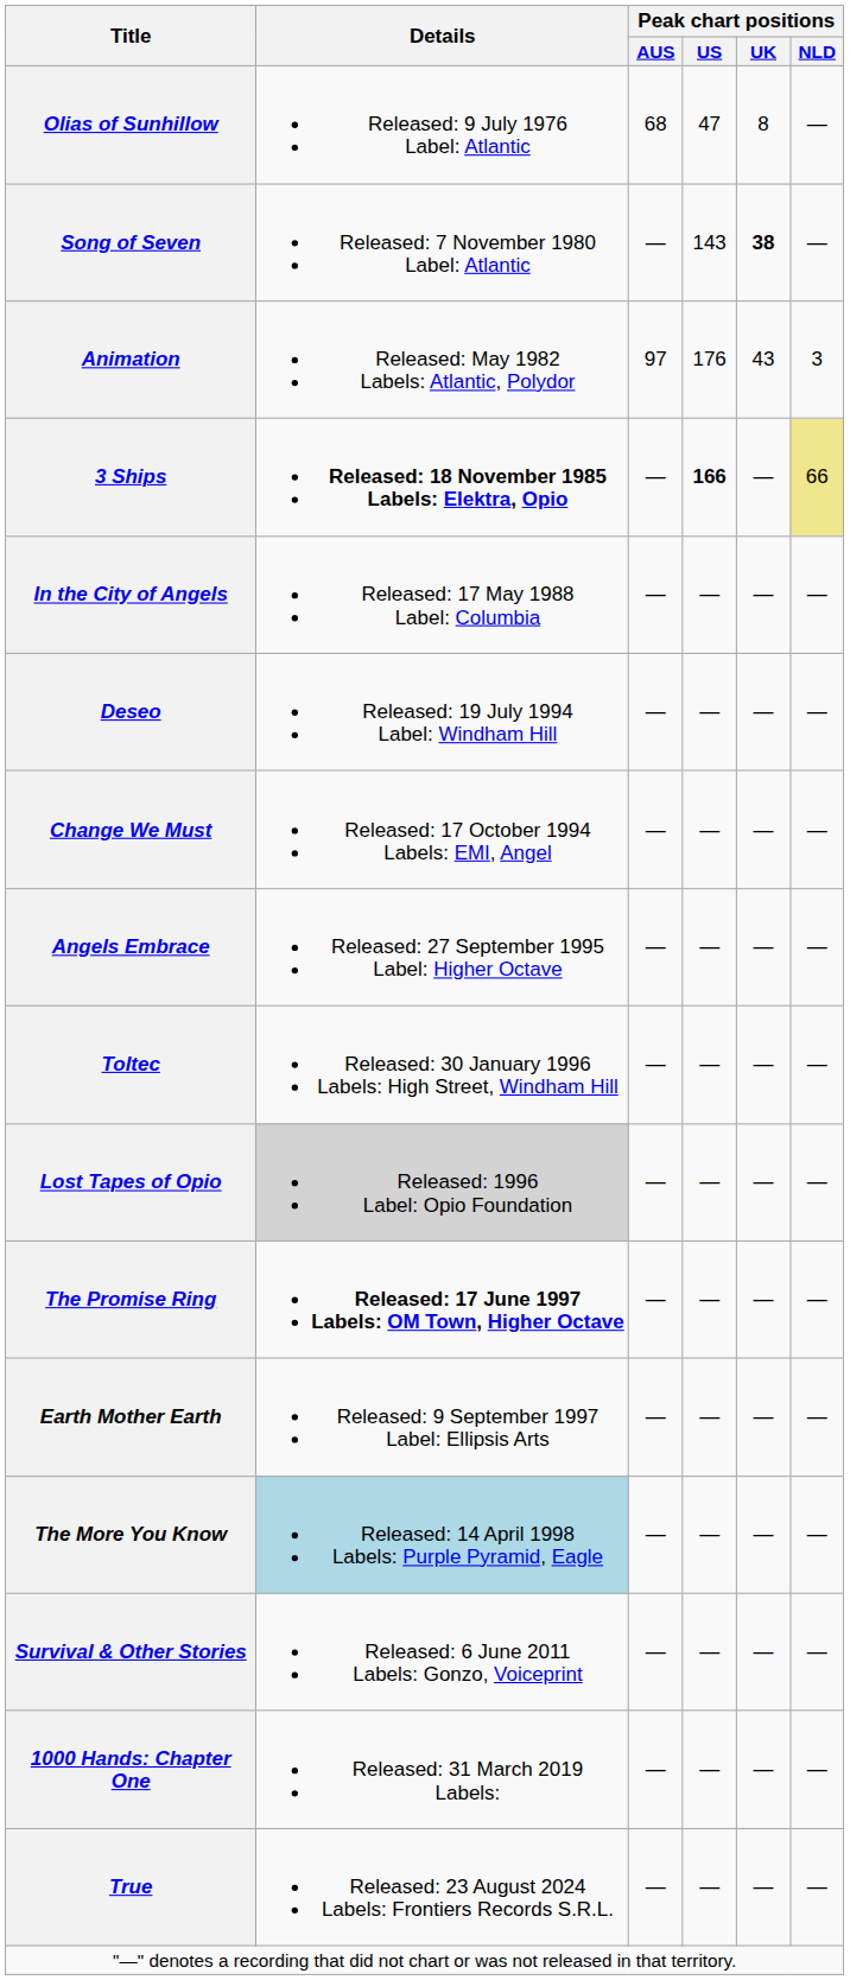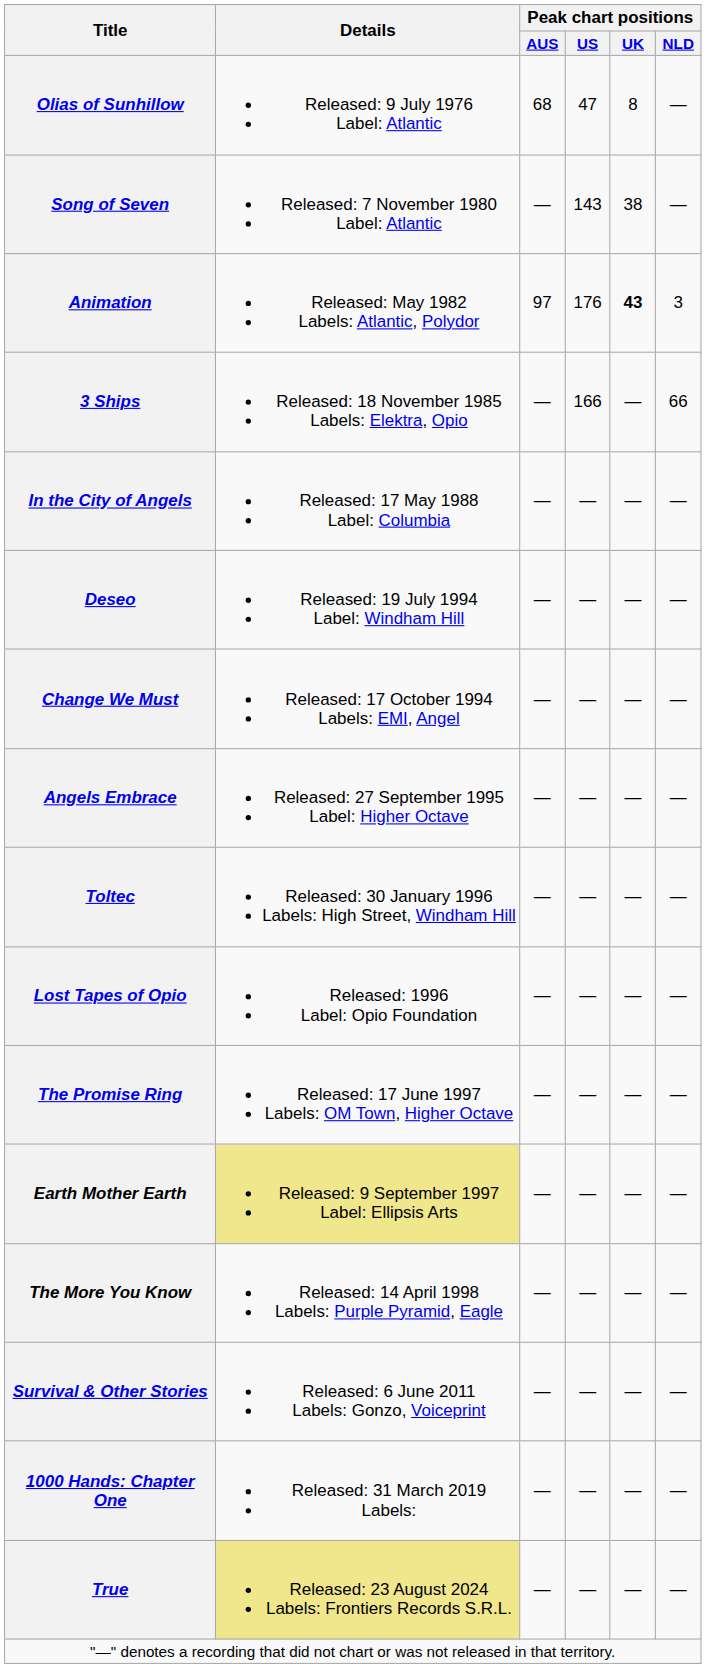 <table class="wikitable plainrowheaders" style="text-align:center;">
 <tr>
 <th scope="col" rowspan="2" style="width:12em;">Title</th>
 <th scope="col" rowspan="2">Details</th>
 <th scope="col" colspan="4">Peak chart positions</th>
 </tr>
 <tr>
 <th scope="col" style="width:2.5em;font-size:90%;"><a href='#'>AUS</a><br></th>
 <th scope="col" style="width:2.5em;font-size:90%;"><a href='#'>US</a><br></th>
 <th scope="col" style="width:2.5em;font-size:90%;"><a href='#'>UK</a><br></th>
 <th scope="col" style="width:2.5em;font-size:90%;"><a href='#'>NLD</a><br></th>
 </tr>
 <tr>
 <th scope="row"><em><a href='#'>Olias of Sunhillow</a></em></th>
 <td><br><ul><li>Released: 9 July 1976</li><li>Label: <a href='#'>Atlantic</a></li></ul></td>
 <td>68</td>
 <td>47</td>
 <td>8</td>
 <td>—</td>
 </tr>
 <tr>
 <th scope="row"><em><a href='#'>Song of Seven</a></em></th>
 <td><br><ul><li>Released: 7 November 1980</li><li>Label: <a href='#'>Atlantic</a></li></ul></td>
 <td>—</td>
 <td>143</td>
-<td><strong>38</strong></td>
+<td>38</td>
 <td>—</td>
 </tr>
 <tr>
 <th scope="row"><em><a href='#'>Animation</a></em></th>
 <td><br><ul><li>Released: May 1982</li><li>Labels: <a href='#'>Atlantic</a>, <a href='#'>Polydor</a></li></ul></td>
 <td>97</td>
 <td>176</td>
-<td>43</td>
+<td><strong>43</strong></td>
 <td>3</td>
 </tr>
 <tr>
 <th scope="row"><em><a href='#'>3 Ships</a></em></th>
-<td><strong><br><ul><li>Released: 18 November 1985</li><li>Labels: <a href='#'>Elektra</a>, <a href='#'>Opio</a></li></ul></strong></td>
+<td><br><ul><li>Released: 18 November 1985</li><li>Labels: <a href='#'>Elektra</a>, <a href='#'>Opio</a></li></ul></td>
 <td>—</td>
-<td><strong>166</strong></td>
+<td>166</td>
 <td>—</td>
-<td style="background: khaki;">66</td>
+<td>66</td>
 </tr>
 <tr>
 <th scope="row"><em><a href='#'>In the City of Angels</a></em></th>
 <td><br><ul><li>Released: 17 May 1988</li><li>Label: <a href='#'>Columbia</a></li></ul></td>
 <td>—</td>
 <td>—</td>
 <td>—</td>
 <td>—</td>
 </tr>
 <tr>
 <th scope="row"><em><a href='#'>Deseo</a></em></th>
 <td><br><ul><li>Released: 19 July 1994</li><li>Label: <a href='#'>Windham Hill</a></li></ul></td>
 <td>—</td>
 <td>—</td>
 <td>—</td>
 <td>—</td>
 </tr>
 <tr>
 <th scope="row"><em><a href='#'>Change We Must</a></em></th>
 <td><br><ul><li>Released: 17 October 1994</li><li>Labels: <a href='#'>EMI</a>, <a href='#'>Angel</a></li></ul></td>
 <td>—</td>
 <td>—</td>
 <td>—</td>
 <td>—</td>
 </tr>
 <tr>
 <th scope="row"><em><a href='#'>Angels Embrace</a></em></th>
 <td><br><ul><li>Released: 27 September 1995</li><li>Label: <a href='#'>Higher Octave</a></li></ul></td>
 <td>—</td>
 <td>—</td>
 <td>—</td>
 <td>—</td>
 </tr>
 <tr>
 <th scope="row"><em><a href='#'>Toltec</a></em></th>
 <td><br><ul><li>Released: 30 January 1996</li><li>Labels: High Street, <a href='#'>Windham Hill</a></li></ul></td>
 <td>—</td>
 <td>—</td>
 <td>—</td>
 <td>—</td>
 </tr>
 <tr>
 <th scope="row"><em><a href='#'>Lost Tapes of Opio</a></em></th>
-<td style="background: lightgrey;"><br><ul><li>Released: 1996</li><li>Label: Opio Foundation</li></ul></td>
+<td><br><ul><li>Released: 1996</li><li>Label: Opio Foundation</li></ul></td>
 <td>—</td>
 <td>—</td>
 <td>—</td>
 <td>—</td>
 </tr>
 <tr>
 <th scope="row"><em><a href='#'>The Promise Ring</a></em></th>
-<td><strong><br><ul><li>Released: 17 June 1997</li><li>Labels: <a href='#'>OM Town</a>, <a href='#'>Higher Octave</a></li></ul></strong></td>
+<td><br><ul><li>Released: 17 June 1997</li><li>Labels: <a href='#'>OM Town</a>, <a href='#'>Higher Octave</a></li></ul></td>
 <td>—</td>
 <td>—</td>
 <td>—</td>
 <td>—</td>
 </tr>
 <tr>
 <th scope="row"><em>Earth Mother Earth</em></th>
-<td><br><ul><li>Released: 9 September 1997</li><li>Label: Ellipsis Arts</li></ul></td>
+<td style="background: khaki;"><br><ul><li>Released: 9 September 1997</li><li>Label: Ellipsis Arts</li></ul></td>
 <td>—</td>
 <td>—</td>
 <td>—</td>
 <td>—</td>
 </tr>
 <tr>
 <th scope="row"><em>The More You Know</em></th>
-<td style="background: lightblue;"><br><ul><li>Released: 14 April 1998</li><li>Labels: <a href='#'>Purple Pyramid</a>, <a href='#'>Eagle</a></li></ul></td>
+<td><br><ul><li>Released: 14 April 1998</li><li>Labels: <a href='#'>Purple Pyramid</a>, <a href='#'>Eagle</a></li></ul></td>
 <td>—</td>
 <td>—</td>
 <td>—</td>
 <td>—</td>
 </tr>
 <tr>
 <th scope="row"><em><a href='#'>Survival & Other Stories</a></em></th>
 <td><br><ul><li>Released: 6 June 2011</li><li>Labels: Gonzo, <a href='#'>Voiceprint</a></li></ul></td>
 <td>—</td>
 <td>—</td>
 <td>—</td>
 <td>—</td>
 </tr>
 <tr>
 <th scope="row"><em><a href='#'>1000 Hands: Chapter One</a></em></th>
 <td><br><ul><li>Released: 31 March 2019</li><li>Labels:</li></ul></td>
 <td>—</td>
 <td>—</td>
 <td>—</td>
 <td>—</td>
 </tr>
 <tr>
 <th scope="row"><em><a href='#'>True</a></em></th>
-<td><br><ul><li>Released: 23 August 2024</li><li>Labels: Frontiers Records S.R.L.</li></ul></td>
+<td style="background: khaki;"><br><ul><li>Released: 23 August 2024</li><li>Labels: Frontiers Records S.R.L.</li></ul></td>
 <td>—</td>
 <td>—</td>
 <td>—</td>
 <td>—</td>
 </tr>
 <tr>
 <td colspan="14" style="font-size:90%">"—" denotes a recording that did not chart or was not released in that territory.</td>
 </tr>
 </table>
